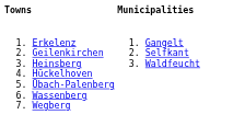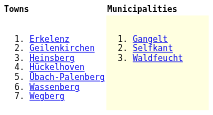 <table>
 <tr>
 <th align=left width=50%>Towns</th>
 <th align=left width=50%>Municipalities</th>
 </tr>
 <tr valign=top>
 <td><br><ol><li> <a href='#'>Erkelenz</a></li><li> <a href='#'>Geilenkirchen</a></li><li> <a href='#'>Heinsberg</a></li><li> <a href='#'>Hückelhoven</a></li><li> <a href='#'>Übach-Palenberg</a></li><li> <a href='#'>Wassenberg</a></li><li> <a href='#'>Wegberg</a></li></ol></td>
-<td><br><ol><li> <a href='#'>Gangelt</a></li><li> <a href='#'>Selfkant</a></li><li> <a href='#'>Waldfeucht</a></li></ol></td>
+<td style="background: lightyellow;"><br><ol><li> <a href='#'>Gangelt</a></li><li> <a href='#'>Selfkant</a></li><li> <a href='#'>Waldfeucht</a></li></ol></td>
 </tr>
 </table>
